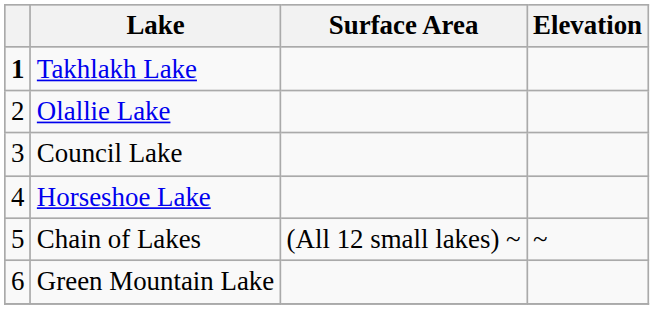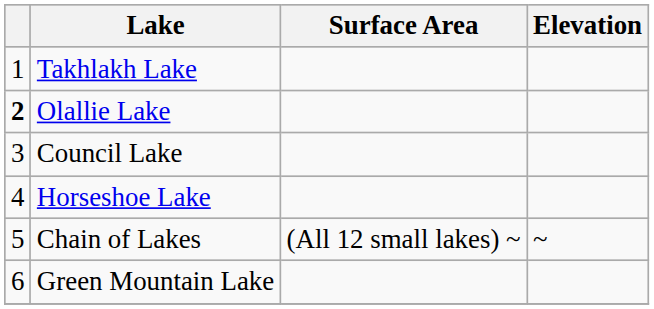 <table class="wikitable">
 <tr>
 <th></th>
 <th>Lake</th>
 <th>Surface Area</th>
 <th>Elevation</th>
 </tr>
 <tr>
-<td><strong>1</strong></td>
+<td>1</td>
 <td><a href='#'>Takhlakh Lake</a></td>
 <td></td>
 <td></td>
 </tr>
 <tr>
-<td>2</td>
+<td><strong>2</strong></td>
 <td><a href='#'>Olallie Lake</a></td>
 <td></td>
 <td></td>
 </tr>
 <tr>
 <td>3</td>
 <td>Council Lake</td>
 <td></td>
 <td></td>
 </tr>
 <tr>
 <td>4</td>
 <td><a href='#'>Horseshoe Lake</a></td>
 <td></td>
 <td></td>
 </tr>
 <tr>
 <td>5</td>
 <td>Chain of Lakes</td>
 <td>(All 12 small lakes) ~</td>
 <td>~</td>
 </tr>
 <tr>
 <td>6</td>
 <td>Green Mountain Lake</td>
 <td></td>
 <td></td>
 </tr>
 <tr>
 </tr>
 </table>
